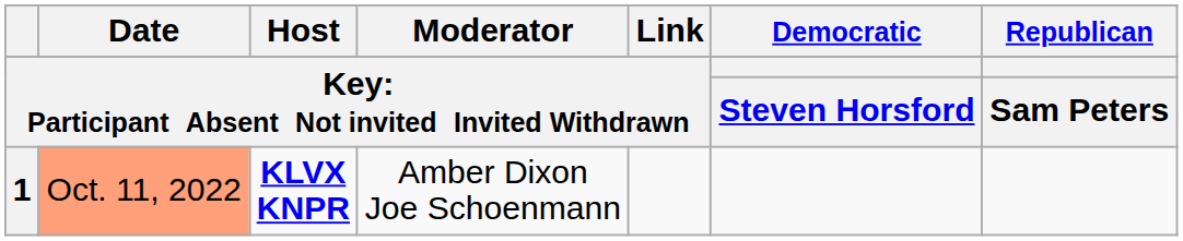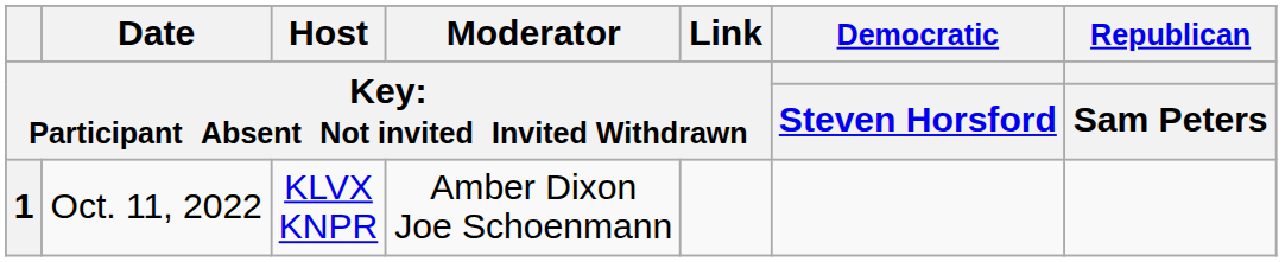 <table class="wikitable" style="text-align:center;">
 <tr>
 <th scope="col"></th>
 <th scope="col">Date</th>
 <th scope="col">Host</th>
 <th scope="col">Moderator</th>
 <th scope="col">Link</th>
 <th scope="col"><small><a href='#'>Democratic</a></small></th>
 <th scope="col"><small><a href='#'>Republican</a></small></th>
 </tr>
 <tr>
 <th colspan="5" rowspan="2">Key:<br> <small>Participant </small>  <small>Absent </small>  <small>Not invited </small>  <small>Invited  Withdrawn</small></th>
 <th scope="col" style="background:"></th>
 <th scope="col" style="background:"></th>
 </tr>
 <tr>
 <th scope="col"><a href='#'>Steven Horsford</a></th>
 <th scope="col">Sam Peters</th>
 </tr>
 <tr>
 <th>1</th>
-<td style="background: lightsalmon; white-space:nowrap;">Oct. 11, 2022</td>
-<td style="white-space:nowrap;"><strong><a href='#'>KLVX</a><br><a href='#'>KNPR</a></strong></td>
+<td style="white-space:nowrap;">Oct. 11, 2022</td>
+<td style="white-space:nowrap;"><a href='#'>KLVX</a><br><a href='#'>KNPR</a></td>
 <td style="white-space:nowrap;">Amber Dixon<br>Joe Schoenmann</td>
 <td style="white-space:nowrap;"></td>
 <td></td>
 <td></td>
 </tr>
 </table>
